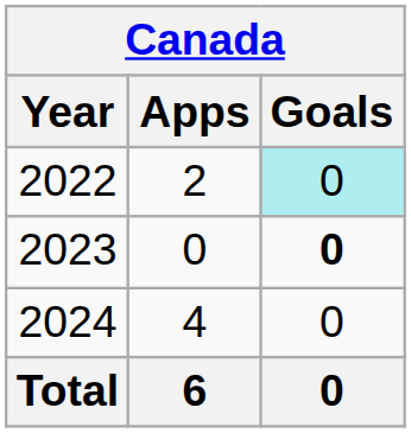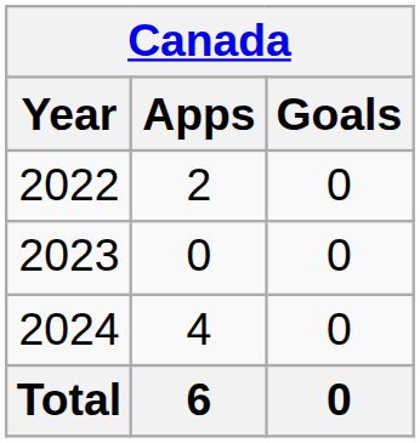 <table class="wikitable" style="text-align:center">
 <tr>
 <th colspan=3><a href='#'>Canada</a></th>
 </tr>
 <tr>
 <th>Year</th>
 <th>Apps</th>
 <th>Goals</th>
 </tr>
 <tr>
 <td>2022</td>
 <td>2</td>
-<td style="background: paleturquoise;">0</td>
+<td>0</td>
 </tr>
 <tr>
 <td>2023</td>
 <td>0</td>
-<td><strong>0</strong></td>
+<td>0</td>
 </tr>
 <tr>
 <td>2024</td>
 <td>4</td>
 <td>0</td>
 </tr>
 <tr>
 <th>Total</th>
 <th>6</th>
 <th>0</th>
 </tr>
 </table>
